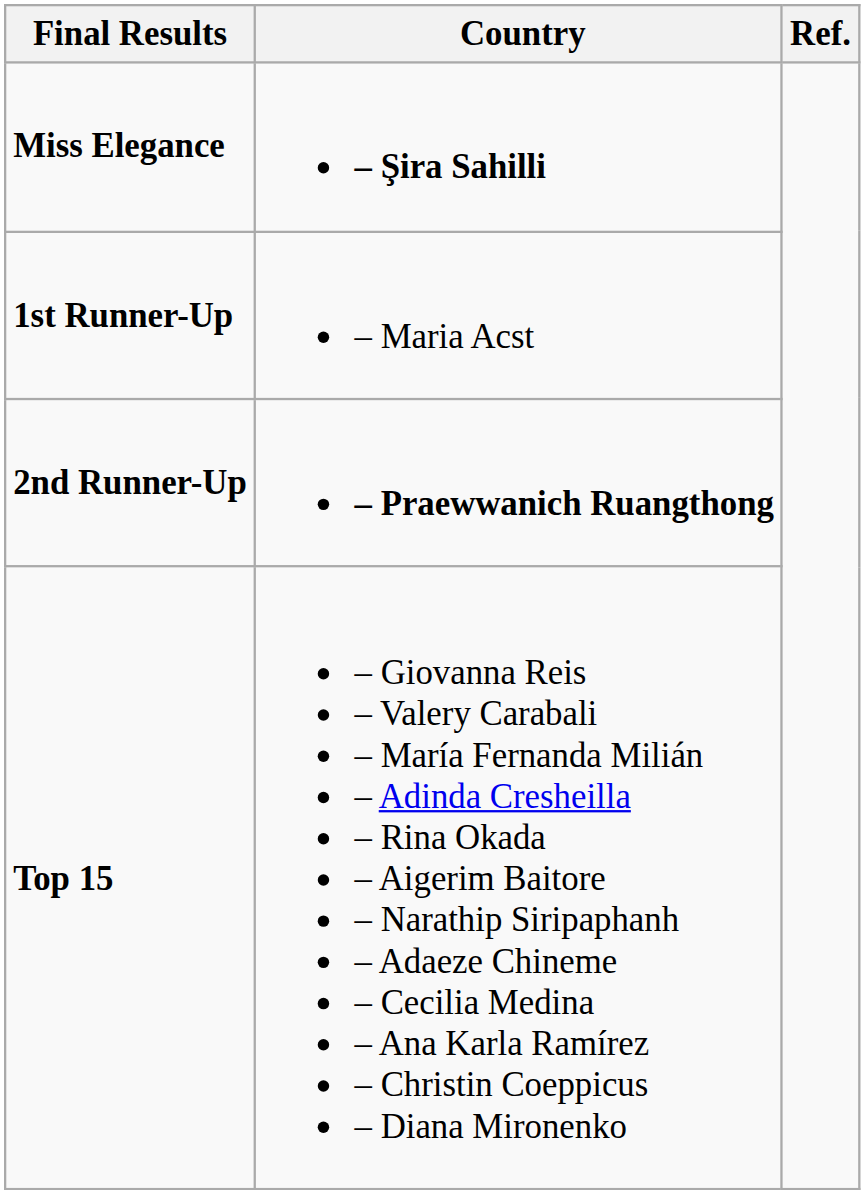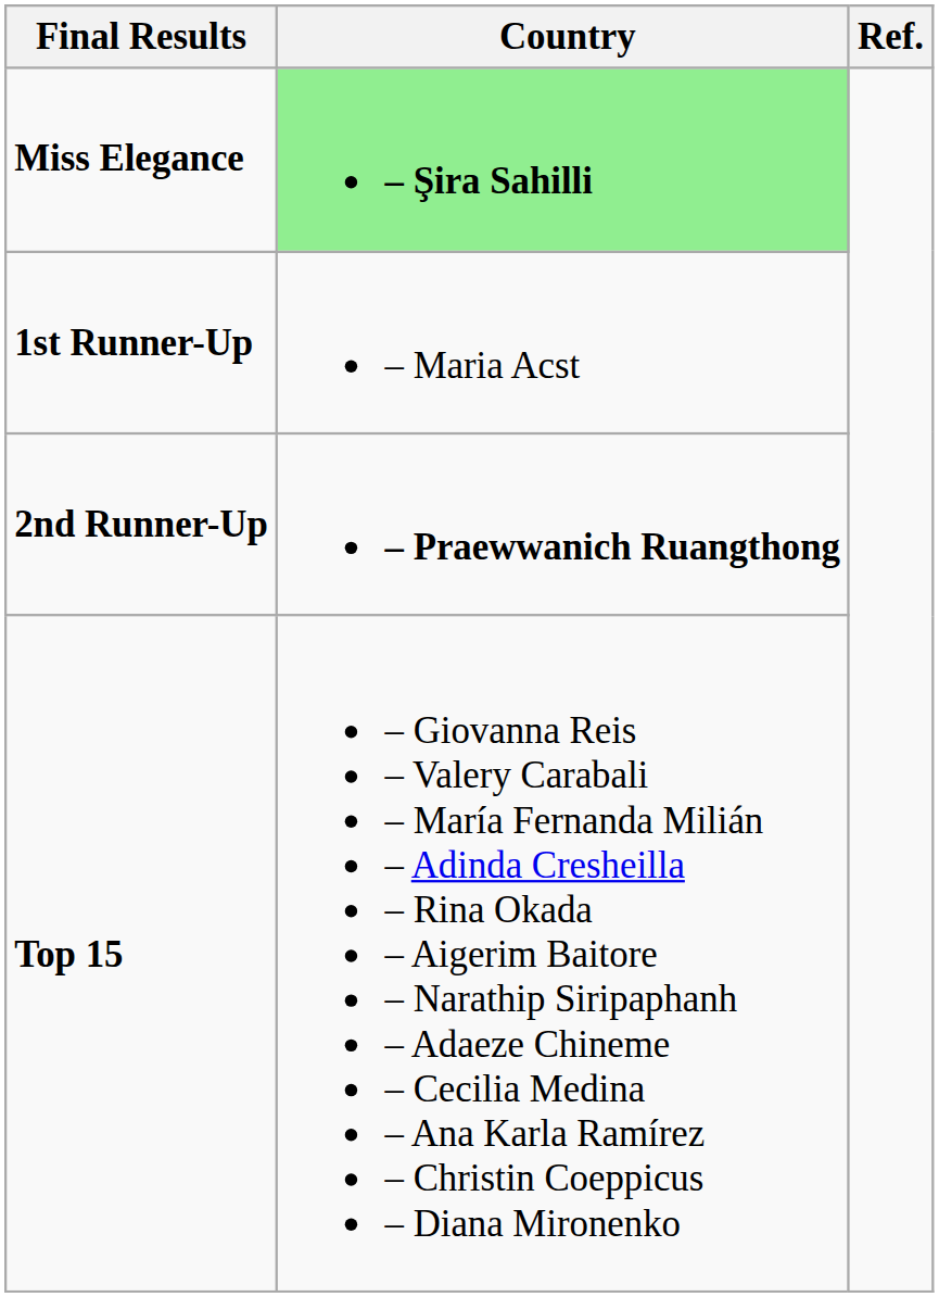 <table class="wikitable sortable" style="font-size:95%;">
 <tr>
 <th>Final Results</th>
 <th> Country</th>
 <th>Ref.</th>
 </tr>
 <tr>
 <td><strong>Miss Elegance</strong></td>
-<td><br><ul><li><strong> – Şira Sahilli</strong></li></ul></td>
+<td style="background: lightgreen;"><br><ul><li><strong> – Şira Sahilli</strong></li></ul></td>
 <td rowspan="4"></td>
 </tr>
 <tr>
 <td><strong>1st Runner-Up</strong></td>
 <td><br><ul><li> – Maria Acst</li></ul></td>
 </tr>
 <tr>
 <td><strong>2nd Runner-Up</strong></td>
 <td><strong><br><ul><li> – Praewwanich Ruangthong</li></ul></strong></td>
 </tr>
 <tr>
 <td><strong>Top 15</strong></td>
 <td><br><ul><li> – Giovanna Reis</li><li> – Valery Carabali</li><li> – María Fernanda Milián</li><li> – <a href='#'>Adinda Cresheilla</a></li><li> – Rina Okada</li><li> – Aigerim Baitore</li><li> – Narathip Siripaphanh</li><li> – Adaeze Chineme</li><li> – Cecilia Medina</li><li> – Ana Karla Ramírez</li><li> – Christin Coeppicus</li><li> – Diana Mironenko</li></ul></td>
 </tr>
 </table>
